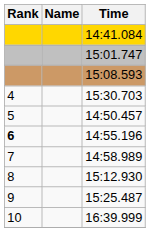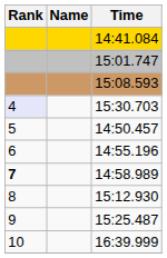 <table class="wikitable">
 <tr>
 <th>Rank</th>
 <th>Name</th>
 <th>Time</th>
 </tr>
 <tr style="background:gold;">
 <td></td>
 <td></td>
 <td>14:41.084</td>
 </tr>
 <tr style="background:silver;">
 <td></td>
 <td></td>
 <td>15:01.747</td>
 </tr>
 <tr style="background:#cc9966;">
 <td></td>
 <td></td>
 <td>15:08.593</td>
 </tr>
 <tr>
-<td>4</td>
+<td style="background: lavender;">4</td>
 <td></td>
 <td>15:30.703</td>
 </tr>
 <tr>
 <td>5</td>
 <td></td>
 <td>14:50.457</td>
 </tr>
 <tr>
-<td><strong>6</strong></td>
+<td>6</td>
 <td></td>
 <td>14:55.196</td>
 </tr>
 <tr>
-<td>7</td>
+<td><strong>7</strong></td>
 <td></td>
 <td>14:58.989</td>
 </tr>
 <tr>
 <td>8</td>
 <td></td>
 <td>15:12.930</td>
 </tr>
 <tr>
 <td>9</td>
 <td></td>
 <td>15:25.487</td>
 </tr>
 <tr>
 <td>10</td>
 <td></td>
 <td>16:39.999</td>
 </tr>
 <tr>
 </tr>
 </table>
